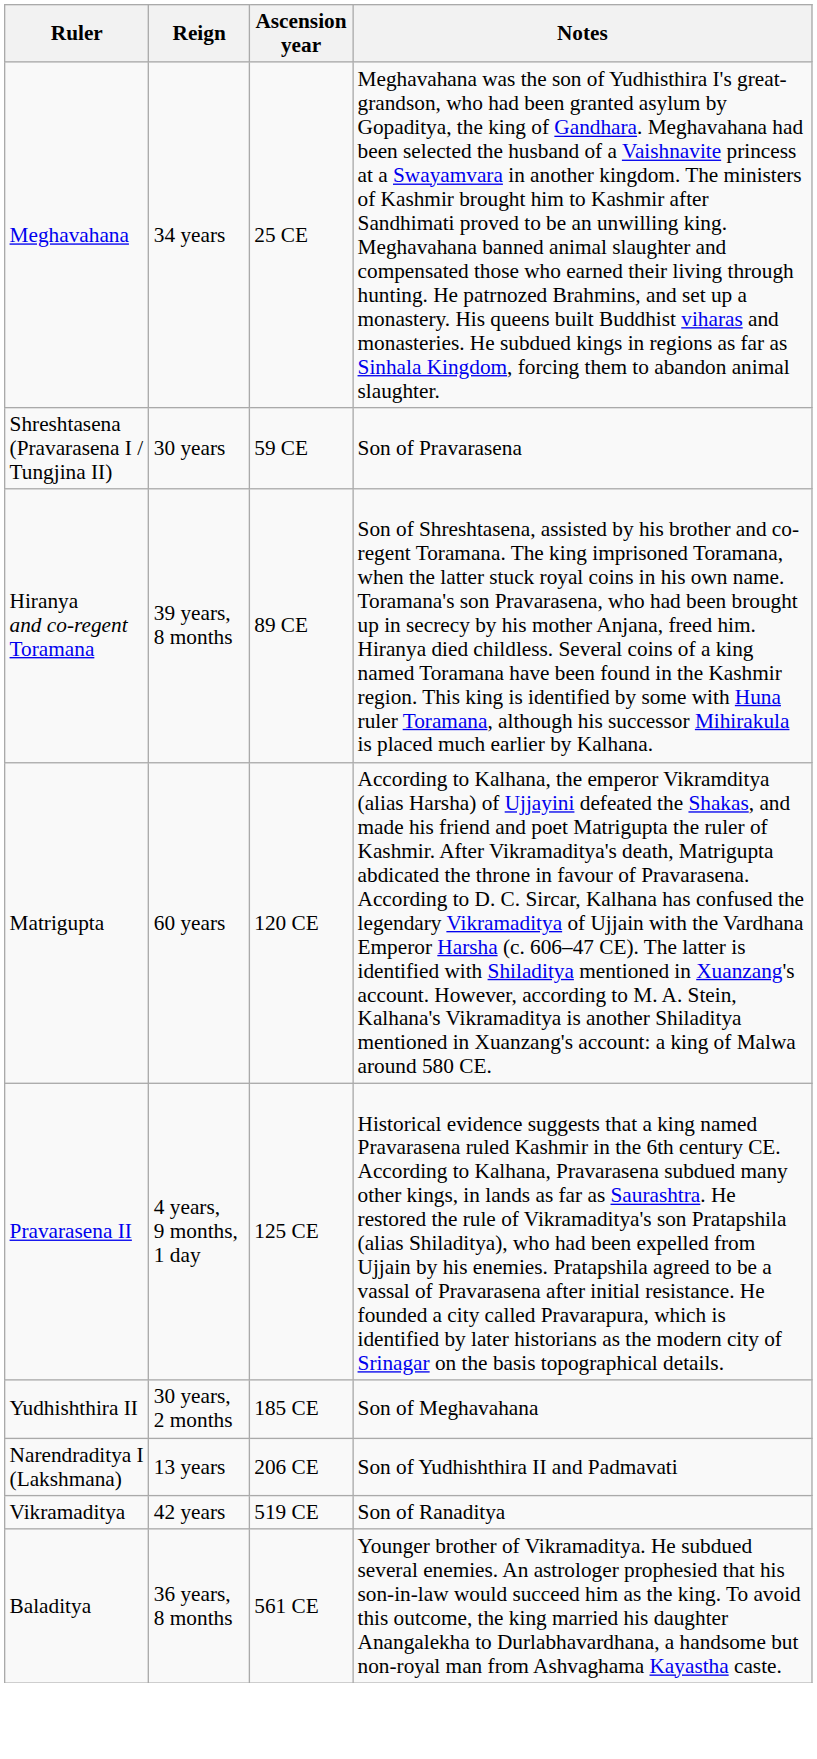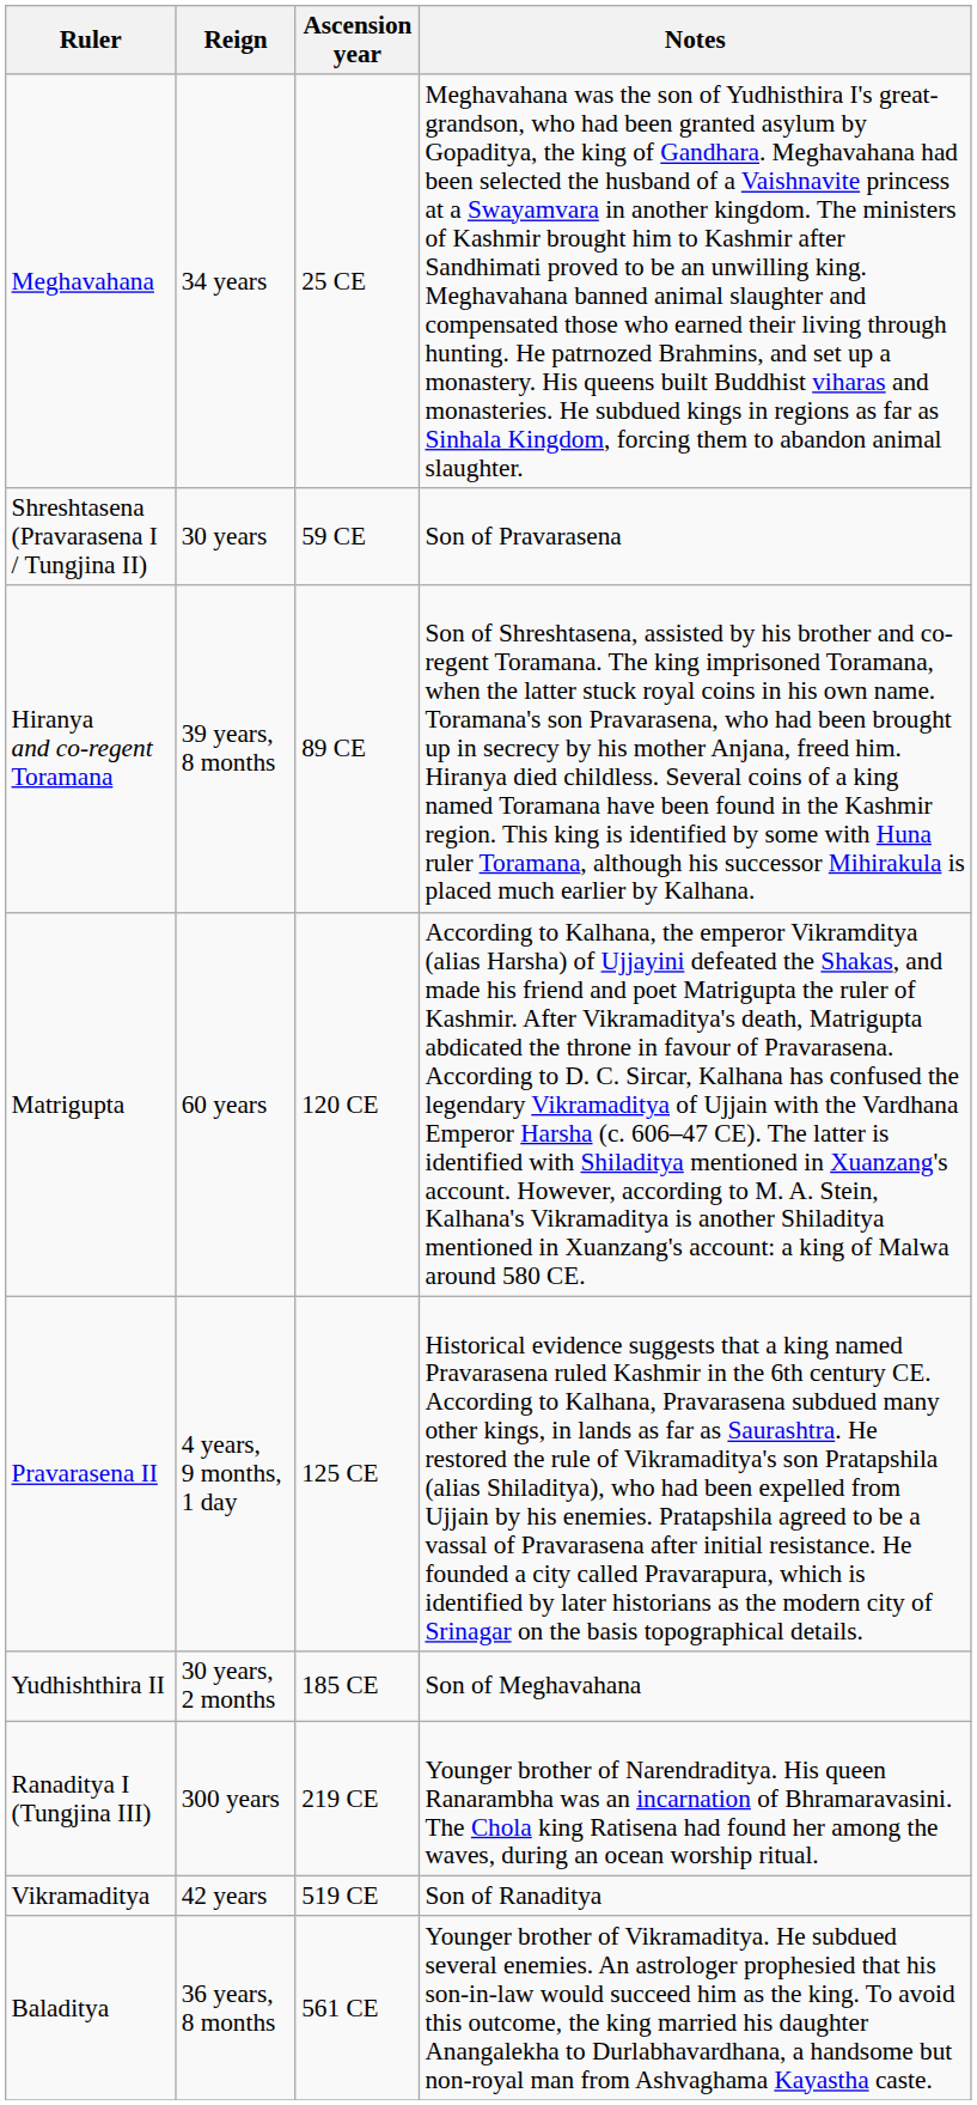 <table class="wikitable">
 <tr>
 <th>Ruler</th>
 <th>Reign</th>
 <th>Ascension year</th>
 <th>Notes</th>
 </tr>
 <tr>
 <td><a href='#'>Meghavahana</a></td>
 <td>34 years</td>
 <td>25 CE</td>
 <td> Meghavahana was the son of Yudhisthira I's great-grandson, who had been granted asylum by Gopaditya, the king of <a href='#'>Gandhara</a>. Meghavahana had been selected the husband of a <a href='#'>Vaishnavite</a> princess at a <a href='#'>Swayamvara</a> in another kingdom. The ministers of Kashmir brought him to Kashmir after Sandhimati proved to be an unwilling king. Meghavahana banned animal slaughter and compensated those who earned their living through hunting. He patrnozed Brahmins, and set up a monastery. His queens built Buddhist <a href='#'>viharas</a> and monasteries. He subdued kings in regions as far as <a href='#'>Sinhala Kingdom</a>, forcing them to abandon animal slaughter.</td>
 </tr>
 <tr>
 <td>Shreshtasena (Pravarasena I / Tungjina II)</td>
 <td>30 years</td>
 <td>59 CE</td>
 <td>Son of Pravarasena</td>
 </tr>
 <tr>
 <td>Hiranya<br><em>and co-regent</em><br><a href='#'>Toramana</a></td>
 <td>39 years, 8 months</td>
 <td>89 CE</td>
 <td><br>  Son of Shreshtasena, assisted by his brother and co-regent Toramana. The king imprisoned Toramana, when the latter stuck royal coins in his own name. Toramana's son Pravarasena, who had been brought up in secrecy by his mother Anjana, freed him. Hiranya died childless. Several coins of a king named Toramana have been found in the Kashmir region. This king is identified by some with <a href='#'>Huna</a> ruler <a href='#'>Toramana</a>, although his successor <a href='#'>Mihirakula</a> is placed much earlier by Kalhana.</td>
 </tr>
 <tr>
 <td>Matrigupta</td>
 <td>60 years</td>
 <td>120 CE</td>
 <td>According to Kalhana, the emperor Vikramditya (alias Harsha) of <a href='#'>Ujjayini</a> defeated the <a href='#'>Shakas</a>, and made his friend and poet Matrigupta the ruler of Kashmir. After Vikramaditya's death, Matrigupta abdicated the throne in favour of Pravarasena. According to D. C. Sircar, Kalhana has confused the legendary <a href='#'>Vikramaditya</a> of Ujjain with the Vardhana Emperor <a href='#'>Harsha</a> (c. 606–47 CE). The latter is identified with <a href='#'>Shiladitya</a> mentioned in <a href='#'>Xuanzang</a>'s account. However, according to M. A. Stein, Kalhana's Vikramaditya is another Shiladitya mentioned in Xuanzang's account: a king of Malwa around 580 CE.</td>
 </tr>
 <tr>
 <td><a href='#'>Pravarasena II</a></td>
 <td>4 years, 9 months, 1 day</td>
 <td>125 CE</td>
 <td><br> Historical evidence suggests that a king named Pravarasena ruled Kashmir in the 6th century CE. According to Kalhana, Pravarasena subdued many other kings, in lands as far as <a href='#'>Saurashtra</a>. He restored the rule of Vikramaditya's son Pratapshila (alias Shiladitya), who had been expelled from Ujjain by his enemies. Pratapshila agreed to be a vassal of Pravarasena after initial resistance. He founded a city called Pravarapura, which is identified by later historians as the modern city of <a href='#'>Srinagar</a> on the basis topographical details.</td>
 </tr>
 <tr>
 <td>Yudhishthira II</td>
 <td>30 years, 2 months</td>
 <td>185 CE</td>
 <td>Son of Meghavahana</td>
 </tr>
 <tr>
-<td>Narendraditya I (Lakshmana)</td>
-<td>13 years</td>
-<td>206 CE</td>
-<td>Son of Yudhishthira II and Padmavati</td>
+<td>Ranaditya I (Tungjina III)</td>
+<td>300 years</td>
+<td>219 CE</td>
+<td><br> Younger brother of Narendraditya. His queen Ranarambha was an <a href='#'>incarnation</a> of Bhramaravasini. The <a href='#'>Chola</a> king Ratisena had found her among the waves, during an ocean worship ritual.</td>
 </tr>
 <tr>
 <td>Vikramaditya</td>
 <td>42 years</td>
 <td>519 CE</td>
 <td>Son of Ranaditya</td>
 </tr>
 <tr>
 <td>Baladitya</td>
 <td>36 years, 8 months</td>
 <td>561 CE</td>
 <td>Younger brother of Vikramaditya. He subdued several enemies. An astrologer prophesied that his son-in-law would succeed him as the king. To avoid this outcome, the king married his daughter Anangalekha to Durlabhavardhana, a handsome but non-royal man from Ashvaghama <a href='#'>Kayastha</a> caste.</td>
 </tr>
 </table>
